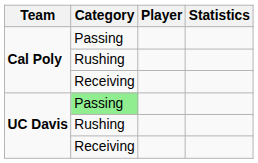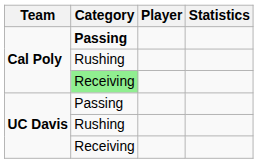 <table class="wikitable" style="float: right;">
 <tr>
 <th>Team</th>
 <th>Category</th>
 <th>Player</th>
 <th>Statistics</th>
 </tr>
 <tr>
 <td rowspan=3><strong>Cal Poly</strong></td>
+<td><strong>Passing</strong></td>
+<td></td>
+<td></td>
+</tr>
+<tr>
+<td>Rushing</td>
+<td></td>
+<td></td>
+</tr>
+<tr>
+<td style="background: lightgreen;">Receiving</td>
+<td></td>
+<td></td>
+</tr>
+<tr>
+<td rowspan=3><strong>UC Davis</strong></td>
 <td>Passing</td>
 <td></td>
 <td></td>
 </tr>
 <tr>
 <td>Rushing</td>
 <td></td>
 <td></td>
 </tr>
 <tr>
 <td>Receiving</td>
 <td></td>
 <td></td>
 </tr>
-<tr>
-<td rowspan=3><strong>UC Davis</strong></td>
-<td style="background: lightgreen;">Passing</td>
-<td></td>
-<td></td>
-</tr>
-<tr>
-<td>Rushing</td>
-<td></td>
-<td></td>
-</tr>
-<tr>
-<td>Receiving</td>
-<td></td>
-<td></td>
-</tr>
 </table>
